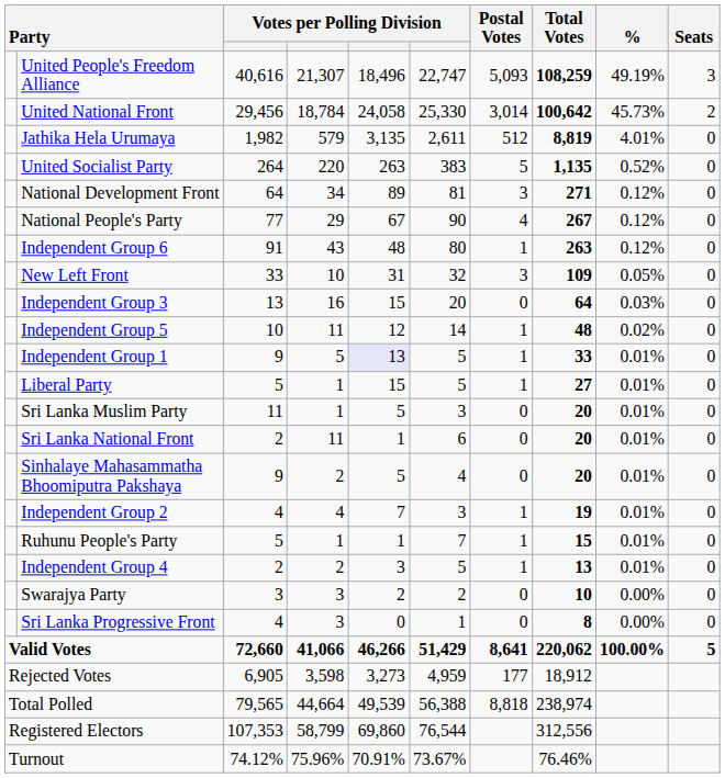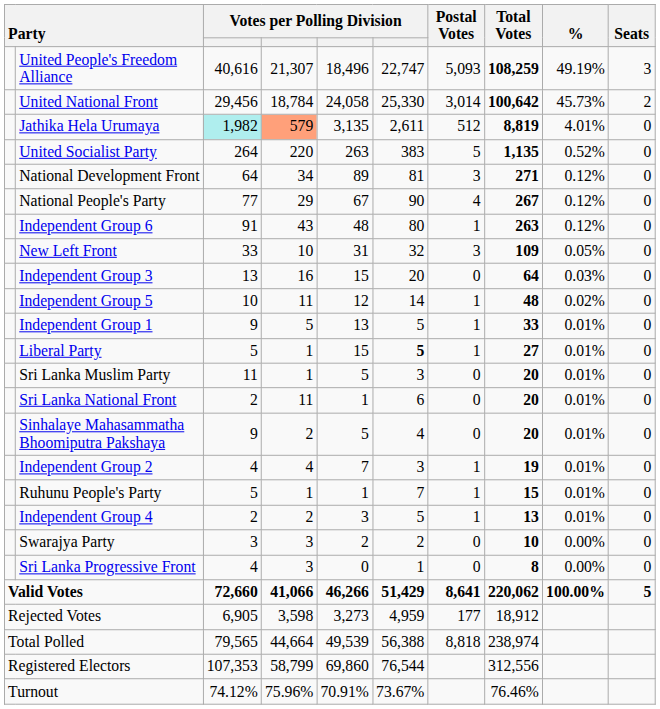 <table class="wikitable" border="1" style="text-align:right;">
 <tr>
 <th style="text-align:left; vertical-align:bottom;" rowspan="2" colspan="2">Party</th>
 <th colspan=4>Votes per Polling Division</th>
 <th rowspan="2" style="vertical-align:bottom; text-align:center; width:50px;">Postal<br>Votes</th>
 <th rowspan="2" style="vertical-align:bottom; text-align:center; width:50px;">Total Votes</th>
 <th rowspan="2" style="vertical-align:bottom; text-align:center; width:50px;">%</th>
 <th rowspan="2" style="vertical-align:bottom; text-align:center; width:40px;">Seats</th>
 </tr>
 <tr>
 <th></th>
 <th></th>
 <th></th>
 <th></th>
 </tr>
 <tr>
 <td bgcolor=> </td>
 <td align=left><a href='#'>United People's Freedom<br>Alliance</a></td>
 <td>40,616</td>
 <td>21,307</td>
 <td>18,496</td>
 <td>22,747</td>
 <td>5,093</td>
 <td><strong>108,259</strong></td>
 <td>49.19%</td>
 <td>3</td>
 </tr>
 <tr>
 <td bgcolor=> </td>
 <td align=left><a href='#'>United National Front</a></td>
 <td>29,456</td>
 <td>18,784</td>
 <td>24,058</td>
 <td>25,330</td>
 <td>3,014</td>
 <td><strong>100,642</strong></td>
 <td>45.73%</td>
 <td>2</td>
 </tr>
 <tr>
 <td bgcolor=> </td>
 <td align=left><a href='#'>Jathika Hela Urumaya</a></td>
-<td>1,982</td>
-<td>579</td>
+<td style="background: paleturquoise;">1,982</td>
+<td style="background: lightsalmon;">579</td>
 <td>3,135</td>
 <td>2,611</td>
 <td>512</td>
 <td><strong>8,819</strong></td>
 <td>4.01%</td>
 <td>0</td>
 </tr>
 <tr>
 <td bgcolor=> </td>
 <td align=left><a href='#'>United Socialist Party</a></td>
 <td>264</td>
 <td>220</td>
 <td>263</td>
 <td>383</td>
 <td>5</td>
 <td><strong>1,135</strong></td>
 <td>0.52%</td>
 <td>0</td>
 </tr>
 <tr>
 <td bgcolor=> </td>
 <td align=left>National Development Front</td>
 <td>64</td>
 <td>34</td>
 <td>89</td>
 <td>81</td>
 <td>3</td>
 <td><strong>271</strong></td>
 <td>0.12%</td>
 <td>0</td>
 </tr>
 <tr>
 <td bgcolor=> </td>
 <td align=left>National People's Party</td>
 <td>77</td>
 <td>29</td>
 <td>67</td>
 <td>90</td>
 <td>4</td>
 <td><strong>267</strong></td>
 <td>0.12%</td>
 <td>0</td>
 </tr>
 <tr>
 <td bgcolor=> </td>
 <td align=left><a href='#'>Independent Group 6</a></td>
 <td>91</td>
 <td>43</td>
 <td>48</td>
 <td>80</td>
 <td>1</td>
 <td><strong>263</strong></td>
 <td>0.12%</td>
 <td>0</td>
 </tr>
 <tr>
 <td bgcolor=> </td>
 <td align=left><a href='#'>New Left Front</a></td>
 <td>33</td>
 <td>10</td>
 <td>31</td>
 <td>32</td>
 <td>3</td>
 <td><strong>109</strong></td>
 <td>0.05%</td>
 <td>0</td>
 </tr>
 <tr>
 <td bgcolor=> </td>
 <td align=left><a href='#'>Independent Group 3</a></td>
 <td>13</td>
 <td>16</td>
 <td>15</td>
 <td>20</td>
 <td>0</td>
 <td><strong>64</strong></td>
 <td>0.03%</td>
 <td>0</td>
 </tr>
 <tr>
 <td bgcolor=> </td>
 <td align=left><a href='#'>Independent Group 5</a></td>
 <td>10</td>
 <td>11</td>
 <td>12</td>
 <td>14</td>
 <td>1</td>
 <td><strong>48</strong></td>
 <td>0.02%</td>
 <td>0</td>
 </tr>
 <tr>
 <td bgcolor=> </td>
 <td align=left><a href='#'>Independent Group 1</a></td>
 <td>9</td>
 <td>5</td>
-<td style="background: lavender;">13</td>
+<td>13</td>
 <td>5</td>
 <td>1</td>
 <td><strong>33</strong></td>
 <td>0.01%</td>
 <td>0</td>
 </tr>
 <tr>
 <td bgcolor=> </td>
 <td align=left><a href='#'>Liberal Party</a></td>
 <td>5</td>
 <td>1</td>
 <td>15</td>
-<td>5</td>
+<td><strong>5</strong></td>
 <td>1</td>
 <td><strong>27</strong></td>
 <td>0.01%</td>
 <td>0</td>
 </tr>
 <tr>
 <td bgcolor=> </td>
 <td align=left>Sri Lanka Muslim Party</td>
 <td>11</td>
 <td>1</td>
 <td>5</td>
 <td>3</td>
 <td>0</td>
 <td><strong>20</strong></td>
 <td>0.01%</td>
 <td>0</td>
 </tr>
 <tr>
 <td bgcolor=> </td>
 <td align=left><a href='#'>Sri Lanka National Front</a></td>
 <td>2</td>
 <td>11</td>
 <td>1</td>
 <td>6</td>
 <td>0</td>
 <td><strong>20</strong></td>
 <td>0.01%</td>
 <td>0</td>
 </tr>
 <tr>
 <td bgcolor=> </td>
 <td align=left><a href='#'>Sinhalaye Mahasammatha<br>Bhoomiputra Pakshaya</a></td>
 <td>9</td>
 <td>2</td>
 <td>5</td>
 <td>4</td>
 <td>0</td>
 <td><strong>20</strong></td>
 <td>0.01%</td>
 <td>0</td>
 </tr>
 <tr>
 <td bgcolor=> </td>
 <td align=left><a href='#'>Independent Group 2</a></td>
 <td>4</td>
 <td>4</td>
 <td>7</td>
 <td>3</td>
 <td>1</td>
 <td><strong>19</strong></td>
 <td>0.01%</td>
 <td>0</td>
 </tr>
 <tr>
 <td bgcolor=> </td>
 <td align=left>Ruhunu People's Party</td>
 <td>5</td>
 <td>1</td>
 <td>1</td>
 <td>7</td>
 <td>1</td>
 <td><strong>15</strong></td>
 <td>0.01%</td>
 <td>0</td>
 </tr>
 <tr>
 <td bgcolor=> </td>
 <td align=left><a href='#'>Independent Group 4</a></td>
 <td>2</td>
 <td>2</td>
 <td>3</td>
 <td>5</td>
 <td>1</td>
 <td><strong>13</strong></td>
 <td>0.01%</td>
 <td>0</td>
 </tr>
 <tr>
 <td bgcolor=> </td>
 <td align=left>Swarajya Party</td>
 <td>3</td>
 <td>3</td>
 <td>2</td>
 <td>2</td>
 <td>0</td>
 <td><strong>10</strong></td>
 <td>0.00%</td>
 <td>0</td>
 </tr>
 <tr>
 <td bgcolor=> </td>
 <td align=left><a href='#'>Sri Lanka Progressive Front</a></td>
 <td>4</td>
 <td>3</td>
 <td>0</td>
 <td>1</td>
 <td>0</td>
 <td><strong>8</strong></td>
 <td>0.00%</td>
 <td>0</td>
 </tr>
 <tr>
 <td align=left colspan=2><strong>Valid Votes</strong></td>
 <td><strong>72,660</strong></td>
 <td><strong>41,066</strong></td>
 <td><strong>46,266</strong></td>
 <td><strong>51,429</strong></td>
 <td><strong>8,641</strong></td>
 <td><strong>220,062</strong></td>
 <td><strong>100.00%</strong></td>
 <td><strong>5</strong></td>
 </tr>
 <tr>
 <td align=left colspan=2>Rejected Votes</td>
 <td>6,905</td>
 <td>3,598</td>
 <td>3,273</td>
 <td>4,959</td>
 <td>177</td>
 <td>18,912</td>
 <td></td>
 <td></td>
 </tr>
 <tr>
 <td align=left colspan=2>Total Polled</td>
 <td>79,565</td>
 <td>44,664</td>
 <td>49,539</td>
 <td>56,388</td>
 <td>8,818</td>
 <td>238,974</td>
 <td></td>
 <td></td>
 </tr>
 <tr>
 <td align=left colspan=2>Registered Electors</td>
 <td>107,353</td>
 <td>58,799</td>
 <td>69,860</td>
 <td>76,544</td>
 <td></td>
 <td>312,556</td>
 <td></td>
 <td></td>
 </tr>
 <tr>
 <td align=left colspan=2>Turnout</td>
 <td>74.12%</td>
 <td>75.96%</td>
 <td>70.91%</td>
 <td>73.67%</td>
 <td></td>
 <td>76.46%</td>
 <td></td>
 <td></td>
 </tr>
 </table>
